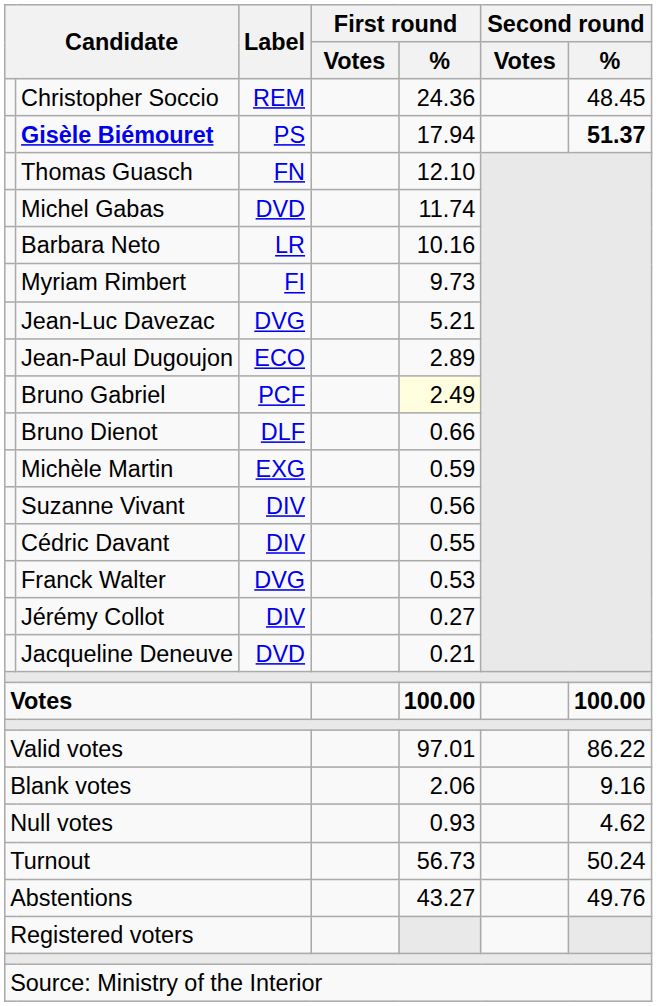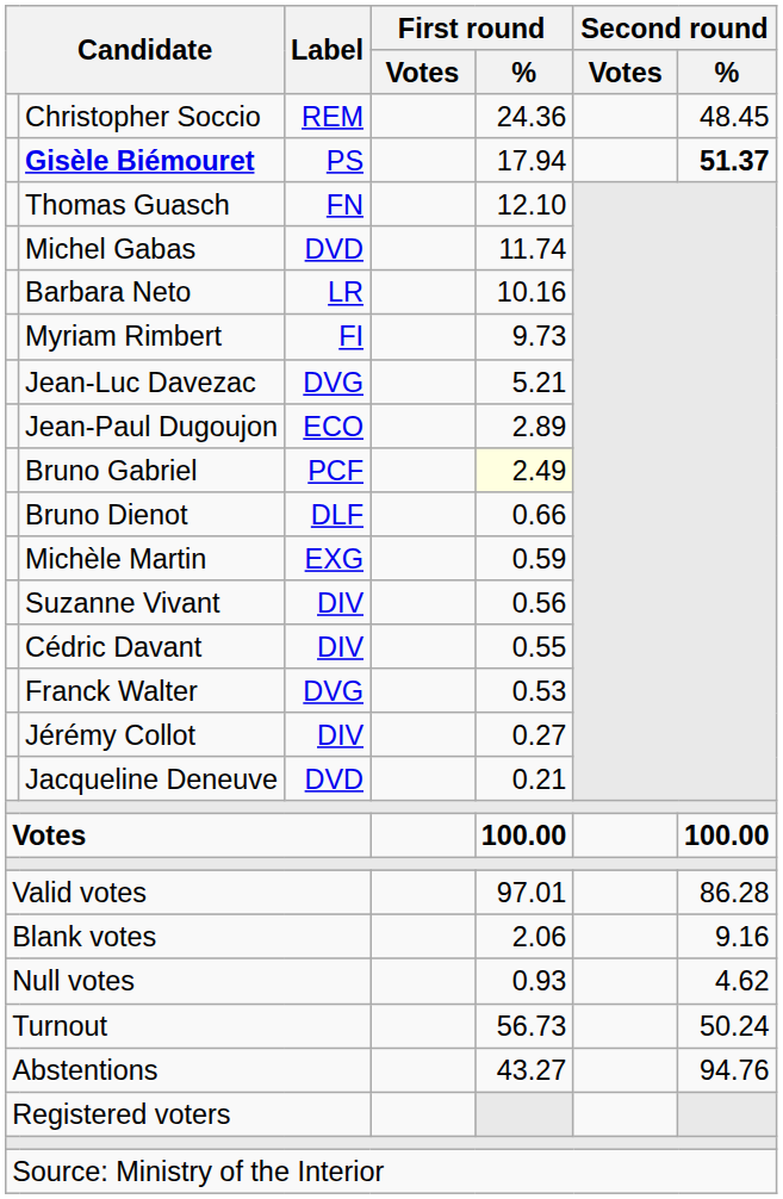 <table class="wikitable" style="text-align:right;font-size:95%;">
 <tr>
 <th rowspan="2" colspan="2">Candidate</th>
 <th rowspan="2">Label</th>
 <th colspan="2">First round</th>
 <th colspan="2">Second round</th>
 </tr>
 <tr>
 <th style="width:50px;">Votes</th>
 <th style="width:45px;">%</th>
 <th style="width:50px;">Votes</th>
 <th style="width:45px;">%</th>
 </tr>
 <tr>
 <td style="color:inherit;background:"></td>
 <td style="text-align:left;">Christopher Soccio</td>
 <td><a href='#'>REM</a></td>
 <td></td>
 <td>24.36</td>
 <td></td>
 <td>48.45</td>
 </tr>
 <tr>
 <td style="color:inherit;background:"></td>
 <td style="text-align:left;"><strong><a href='#'>Gisèle Biémouret</a></strong></td>
 <td><a href='#'>PS</a></td>
 <td></td>
 <td>17.94</td>
 <td><strong></strong></td>
 <td><strong>51.37</strong></td>
 </tr>
 <tr>
 <td style="color:inherit;background:"></td>
 <td style="text-align:left;">Thomas Guasch</td>
 <td><a href='#'>FN</a></td>
 <td></td>
 <td>12.10</td>
 <td colspan="2" rowspan="14" style="background:#E9E9E9;"></td>
 </tr>
 <tr>
 <td style="color:inherit;background:"></td>
 <td style="text-align:left;">Michel Gabas</td>
 <td><a href='#'>DVD</a></td>
 <td></td>
 <td>11.74</td>
 </tr>
 <tr>
 <td style="color:inherit;background:"></td>
 <td style="text-align:left;">Barbara Neto</td>
 <td><a href='#'>LR</a></td>
 <td></td>
 <td>10.16</td>
 </tr>
 <tr>
 <td style="color:inherit;background:"></td>
 <td style="text-align:left;">Myriam Rimbert</td>
 <td><a href='#'>FI</a></td>
 <td></td>
 <td>9.73</td>
 </tr>
 <tr>
 <td style="color:inherit;background:"></td>
 <td style="text-align:left;">Jean-Luc Davezac</td>
 <td><a href='#'>DVG</a></td>
 <td></td>
 <td>5.21</td>
 </tr>
 <tr>
 <td style="color:inherit;background:"></td>
 <td style="text-align:left;">Jean-Paul Dugoujon</td>
 <td><a href='#'>ECO</a></td>
 <td></td>
 <td>2.89</td>
 </tr>
 <tr>
 <td style="color:inherit;background:"></td>
 <td style="text-align:left;">Bruno Gabriel</td>
 <td><a href='#'>PCF</a></td>
 <td></td>
 <td style="background: lightyellow;">2.49</td>
 </tr>
 <tr>
 <td style="color:inherit;background:"></td>
 <td style="text-align:left;">Bruno Dienot</td>
 <td><a href='#'>DLF</a></td>
 <td></td>
 <td>0.66</td>
 </tr>
 <tr>
 <td style="color:inherit;background:"></td>
 <td style="text-align:left;">Michèle Martin</td>
 <td><a href='#'>EXG</a></td>
 <td></td>
 <td>0.59</td>
 </tr>
 <tr>
 <td style="color:inherit;background:"></td>
 <td style="text-align:left;">Suzanne Vivant</td>
 <td><a href='#'>DIV</a></td>
 <td></td>
 <td>0.56</td>
 </tr>
 <tr>
 <td style="color:inherit;background:"></td>
 <td style="text-align:left;">Cédric Davant</td>
 <td><a href='#'>DIV</a></td>
 <td></td>
 <td>0.55</td>
 </tr>
 <tr>
 <td style="color:inherit;background:"></td>
 <td style="text-align:left;">Franck Walter</td>
 <td><a href='#'>DVG</a></td>
 <td></td>
 <td>0.53</td>
 </tr>
 <tr>
 <td style="color:inherit;background:"></td>
 <td style="text-align:left;">Jérémy Collot</td>
 <td><a href='#'>DIV</a></td>
 <td></td>
 <td>0.27</td>
 </tr>
 <tr>
 <td style="color:inherit;background:"></td>
 <td style="text-align:left;">Jacqueline Deneuve</td>
 <td><a href='#'>DVD</a></td>
 <td></td>
 <td>0.21</td>
 </tr>
 <tr>
 <td colspan="7" style="background:#E9E9E9;"></td>
 </tr>
 <tr style="font-weight:bold;">
 <td colspan="3" style="text-align:left;">Votes</td>
 <td></td>
 <td>100.00</td>
 <td></td>
 <td>100.00</td>
 </tr>
 <tr>
 <td colspan="7" style="background:#E9E9E9;"></td>
 </tr>
 <tr>
 <td colspan="3" style="text-align:left;">Valid votes</td>
 <td></td>
 <td>97.01</td>
 <td></td>
-<td>86.22</td>
+<td>86.28</td>
 </tr>
 <tr>
 <td colspan="3" style="text-align:left;">Blank votes</td>
 <td></td>
 <td>2.06</td>
 <td></td>
 <td>9.16</td>
 </tr>
 <tr>
 <td colspan="3" style="text-align:left;">Null votes</td>
 <td></td>
 <td>0.93</td>
 <td></td>
 <td>4.62</td>
 </tr>
 <tr>
 <td colspan="3" style="text-align:left;">Turnout</td>
 <td></td>
 <td>56.73</td>
 <td></td>
 <td>50.24</td>
 </tr>
 <tr>
 <td colspan="3" style="text-align:left;">Abstentions</td>
 <td></td>
 <td>43.27</td>
 <td></td>
-<td>49.76</td>
+<td>94.76</td>
 </tr>
 <tr>
 <td colspan="3" style="text-align:left;">Registered voters</td>
 <td></td>
 <td style="color:inherit;background:#E9E9E9;"></td>
 <td></td>
 <td style="color:inherit;background:#E9E9E9;"></td>
 </tr>
 <tr>
 <td colspan="7" style="background:#E9E9E9;"></td>
 </tr>
 <tr>
 <td colspan="7" style="text-align:left;">Source: Ministry of the Interior</td>
 </tr>
 </table>
